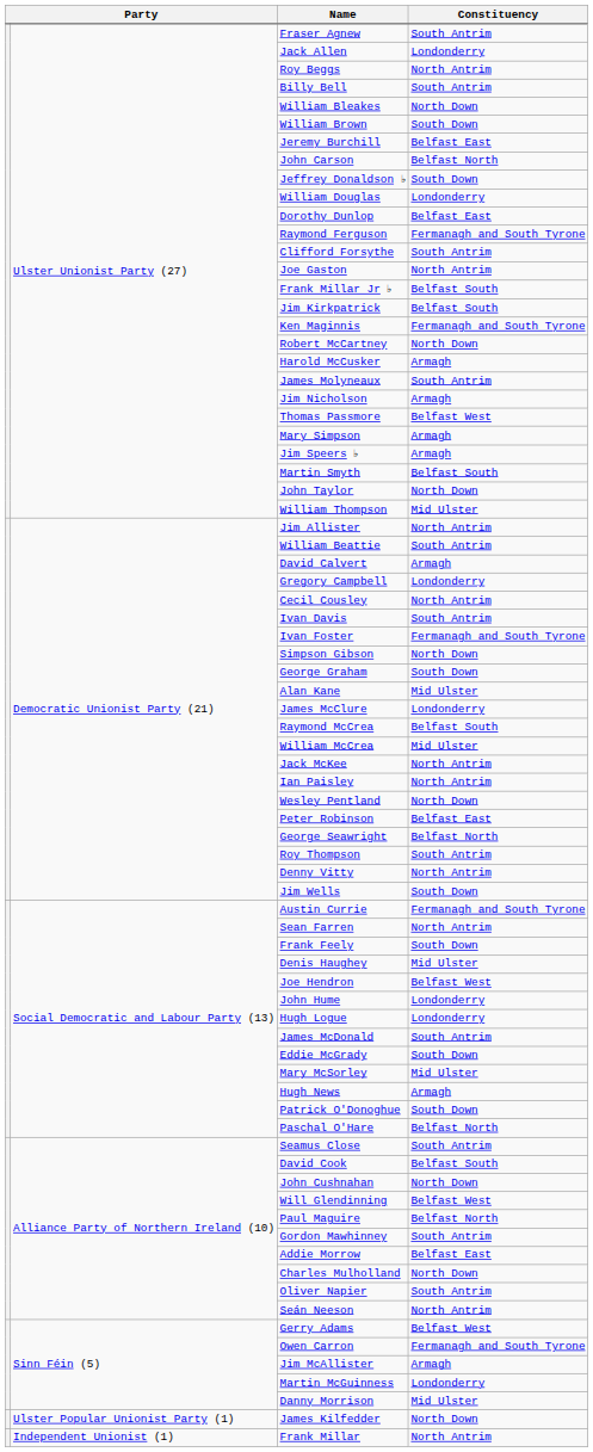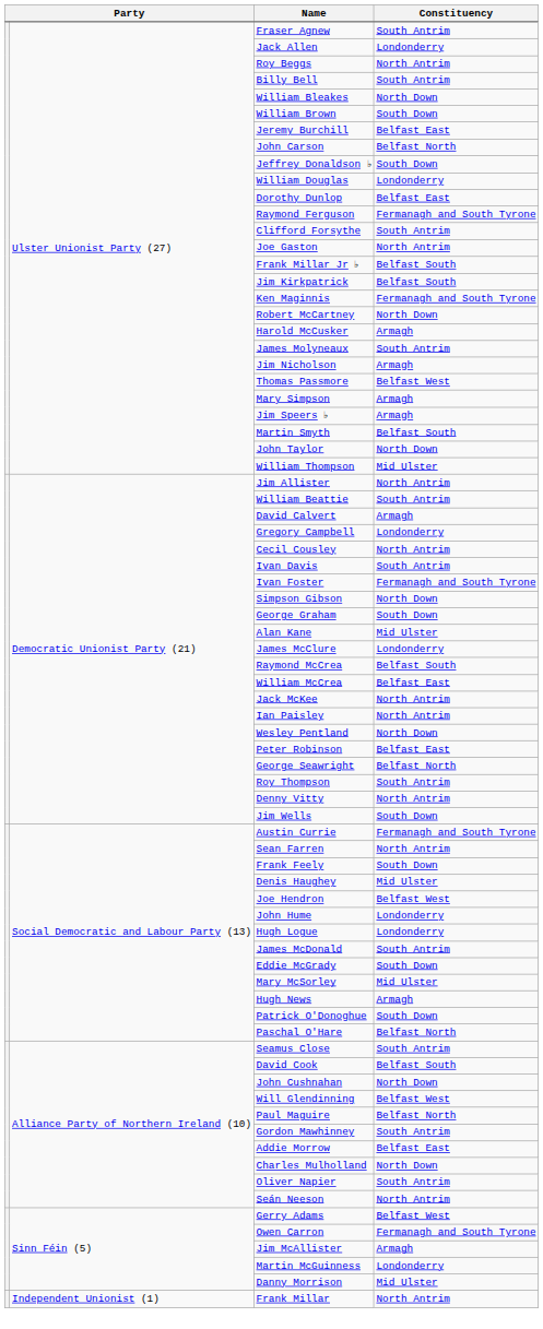 <table class="wikitable">
 <tr style="border-bottom: 2px solid gray;">
 <th colspan=2>Party</th>
 <th>Name</th>
 <th>Constituency</th>
 </tr>
 <tr>
 <th rowspan="27" style="background-color: "></th>
 <td rowspan="27"><a href='#'>Ulster Unionist Party</a> (27)</td>
 <td><a href='#'>Fraser Agnew</a></td>
 <td><a href='#'>South Antrim</a></td>
 </tr>
 <tr>
 <td><a href='#'>Jack Allen</a></td>
 <td><a href='#'>Londonderry</a></td>
 </tr>
 <tr>
 <td><a href='#'>Roy Beggs</a></td>
 <td><a href='#'>North Antrim</a></td>
 </tr>
 <tr>
 <td><a href='#'>Billy Bell</a></td>
 <td><a href='#'>South Antrim</a></td>
 </tr>
 <tr>
 <td><a href='#'>William Bleakes</a></td>
 <td><a href='#'>North Down</a></td>
 </tr>
 <tr>
 <td><a href='#'>William Brown</a></td>
 <td><a href='#'>South Down</a></td>
 </tr>
 <tr>
 <td><a href='#'>Jeremy Burchill</a></td>
 <td><a href='#'>Belfast East</a></td>
 </tr>
 <tr>
 <td><a href='#'>John Carson</a></td>
 <td><a href='#'>Belfast North</a></td>
 </tr>
 <tr>
 <td><a href='#'>Jeffrey Donaldson</a> ♭</td>
 <td><a href='#'>South Down</a></td>
 </tr>
 <tr>
 <td><a href='#'>William Douglas</a></td>
 <td><a href='#'>Londonderry</a></td>
 </tr>
 <tr>
 <td><a href='#'>Dorothy Dunlop</a></td>
 <td><a href='#'>Belfast East</a></td>
 </tr>
 <tr>
 <td><a href='#'>Raymond Ferguson</a></td>
 <td><a href='#'>Fermanagh and South Tyrone</a></td>
 </tr>
 <tr>
 <td><a href='#'>Clifford Forsythe</a></td>
 <td><a href='#'>South Antrim</a></td>
 </tr>
 <tr>
 <td><a href='#'>Joe Gaston</a></td>
 <td><a href='#'>North Antrim</a></td>
 </tr>
 <tr>
 <td><a href='#'>Frank Millar Jr</a> ♭</td>
 <td><a href='#'>Belfast South</a></td>
 </tr>
 <tr>
 <td><a href='#'>Jim Kirkpatrick</a></td>
 <td><a href='#'>Belfast South</a></td>
 </tr>
 <tr>
 <td><a href='#'>Ken Maginnis</a></td>
 <td><a href='#'>Fermanagh and South Tyrone</a></td>
 </tr>
 <tr>
 <td><a href='#'>Robert McCartney</a></td>
 <td><a href='#'>North Down</a></td>
 </tr>
 <tr>
 <td><a href='#'>Harold McCusker</a></td>
 <td><a href='#'>Armagh</a></td>
 </tr>
 <tr>
 <td><a href='#'>James Molyneaux</a></td>
 <td><a href='#'>South Antrim</a></td>
 </tr>
 <tr>
 <td><a href='#'>Jim Nicholson</a></td>
 <td><a href='#'>Armagh</a></td>
 </tr>
 <tr>
 <td><a href='#'>Thomas Passmore</a></td>
 <td><a href='#'>Belfast West</a></td>
 </tr>
 <tr>
 <td><a href='#'>Mary Simpson</a></td>
 <td><a href='#'>Armagh</a></td>
 </tr>
 <tr>
 <td><a href='#'>Jim Speers</a> ♭</td>
 <td><a href='#'>Armagh</a></td>
 </tr>
 <tr>
 <td><a href='#'>Martin Smyth</a></td>
 <td><a href='#'>Belfast South</a></td>
 </tr>
 <tr>
 <td><a href='#'>John Taylor</a></td>
 <td><a href='#'>North Down</a></td>
 </tr>
 <tr>
 <td><a href='#'>William Thompson</a></td>
 <td><a href='#'>Mid Ulster</a></td>
 </tr>
 <tr>
 <th rowspan="21" style="background-color: "></th>
 <td rowspan="21"><a href='#'>Democratic Unionist Party</a> (21)</td>
 <td><a href='#'>Jim Allister</a></td>
 <td><a href='#'>North Antrim</a></td>
 </tr>
 <tr>
 <td><a href='#'>William Beattie</a></td>
 <td><a href='#'>South Antrim</a></td>
 </tr>
 <tr>
 <td><a href='#'>David Calvert</a></td>
 <td><a href='#'>Armagh</a></td>
 </tr>
 <tr>
 <td><a href='#'>Gregory Campbell</a></td>
 <td><a href='#'>Londonderry</a></td>
 </tr>
 <tr>
 <td><a href='#'>Cecil Cousley</a></td>
 <td><a href='#'>North Antrim</a></td>
 </tr>
 <tr>
 <td><a href='#'>Ivan Davis</a></td>
 <td><a href='#'>South Antrim</a></td>
 </tr>
 <tr>
 <td><a href='#'>Ivan Foster</a></td>
 <td><a href='#'>Fermanagh and South Tyrone</a></td>
 </tr>
 <tr>
 <td><a href='#'>Simpson Gibson</a></td>
 <td><a href='#'>North Down</a></td>
 </tr>
 <tr>
 <td><a href='#'>George Graham</a></td>
 <td><a href='#'>South Down</a></td>
 </tr>
 <tr>
 <td><a href='#'>Alan Kane</a></td>
 <td><a href='#'>Mid Ulster</a></td>
 </tr>
 <tr>
 <td><a href='#'>James McClure</a></td>
 <td><a href='#'>Londonderry</a></td>
 </tr>
 <tr>
 <td><a href='#'>Raymond McCrea</a></td>
 <td><a href='#'>Belfast South</a></td>
 </tr>
 <tr>
 <td><a href='#'>William McCrea</a></td>
-<td><a href='#'>Mid Ulster</a></td>
+<td><a href='#'>Belfast East</a></td>
 </tr>
 <tr>
 <td><a href='#'>Jack McKee</a></td>
 <td><a href='#'>North Antrim</a></td>
 </tr>
 <tr>
 <td><a href='#'>Ian Paisley</a></td>
 <td><a href='#'>North Antrim</a></td>
 </tr>
 <tr>
 <td><a href='#'>Wesley Pentland</a></td>
 <td><a href='#'>North Down</a></td>
 </tr>
 <tr>
 <td><a href='#'>Peter Robinson</a></td>
 <td><a href='#'>Belfast East</a></td>
 </tr>
 <tr>
 <td><a href='#'>George Seawright</a></td>
 <td><a href='#'>Belfast North</a></td>
 </tr>
 <tr>
 <td><a href='#'>Roy Thompson</a></td>
 <td><a href='#'>South Antrim</a></td>
 </tr>
 <tr>
 <td><a href='#'>Denny Vitty</a></td>
 <td><a href='#'>North Antrim</a></td>
 </tr>
 <tr>
 <td><a href='#'>Jim Wells</a></td>
 <td><a href='#'>South Down</a></td>
 </tr>
 <tr>
 <th rowspan="13" style="background-color: "></th>
 <td rowspan="13"><a href='#'>Social Democratic and Labour Party</a> (13)</td>
 <td><a href='#'>Austin Currie</a></td>
 <td><a href='#'>Fermanagh and South Tyrone</a></td>
 </tr>
 <tr>
 <td><a href='#'>Sean Farren</a></td>
 <td><a href='#'>North Antrim</a></td>
 </tr>
 <tr>
 <td><a href='#'>Frank Feely</a></td>
 <td><a href='#'>South Down</a></td>
 </tr>
 <tr>
 <td><a href='#'>Denis Haughey</a></td>
 <td><a href='#'>Mid Ulster</a></td>
 </tr>
 <tr>
 <td><a href='#'>Joe Hendron</a></td>
 <td><a href='#'>Belfast West</a></td>
 </tr>
 <tr>
 <td><a href='#'>John Hume</a></td>
 <td><a href='#'>Londonderry</a></td>
 </tr>
 <tr>
 <td><a href='#'>Hugh Logue</a></td>
 <td><a href='#'>Londonderry</a></td>
 </tr>
 <tr>
 <td><a href='#'>James McDonald</a></td>
 <td><a href='#'>South Antrim</a></td>
 </tr>
 <tr>
 <td><a href='#'>Eddie McGrady</a></td>
 <td><a href='#'>South Down</a></td>
 </tr>
 <tr>
 <td><a href='#'>Mary McSorley</a></td>
 <td><a href='#'>Mid Ulster</a></td>
 </tr>
 <tr>
 <td><a href='#'>Hugh News</a></td>
 <td><a href='#'>Armagh</a></td>
 </tr>
 <tr>
 <td><a href='#'>Patrick O'Donoghue</a></td>
 <td><a href='#'>South Down</a></td>
 </tr>
 <tr>
 <td><a href='#'>Paschal O'Hare</a></td>
 <td><a href='#'>Belfast North</a></td>
 </tr>
 <tr>
 <th rowspan="10" style="background-color: "></th>
 <td rowspan="10"><a href='#'>Alliance Party of Northern Ireland</a> (10)</td>
 <td><a href='#'>Seamus Close</a></td>
 <td><a href='#'>South Antrim</a></td>
 </tr>
 <tr>
 <td><a href='#'>David Cook</a></td>
 <td><a href='#'>Belfast South</a></td>
 </tr>
 <tr>
 <td><a href='#'>John Cushnahan</a></td>
 <td><a href='#'>North Down</a></td>
 </tr>
 <tr>
 <td><a href='#'>Will Glendinning</a></td>
 <td><a href='#'>Belfast West</a></td>
 </tr>
 <tr>
 <td><a href='#'>Paul Maguire</a></td>
 <td><a href='#'>Belfast North</a></td>
 </tr>
 <tr>
 <td><a href='#'>Gordon Mawhinney</a></td>
 <td><a href='#'>South Antrim</a></td>
 </tr>
 <tr>
 <td><a href='#'>Addie Morrow</a></td>
 <td><a href='#'>Belfast East</a></td>
 </tr>
 <tr>
 <td><a href='#'>Charles Mulholland</a></td>
 <td><a href='#'>North Down</a></td>
 </tr>
 <tr>
 <td><a href='#'>Oliver Napier</a></td>
 <td><a href='#'>South Antrim</a></td>
 </tr>
 <tr>
 <td><a href='#'>Seán Neeson</a></td>
 <td><a href='#'>North Antrim</a></td>
 </tr>
 <tr>
 <th rowspan="5" style="background-color: "></th>
 <td rowspan="5"><a href='#'>Sinn Féin</a> (5)</td>
 <td><a href='#'>Gerry Adams</a></td>
 <td><a href='#'>Belfast West</a></td>
 </tr>
 <tr>
 <td><a href='#'>Owen Carron</a></td>
 <td><a href='#'>Fermanagh and South Tyrone</a></td>
 </tr>
 <tr>
 <td><a href='#'>Jim McAllister</a></td>
 <td><a href='#'>Armagh</a></td>
 </tr>
 <tr>
 <td><a href='#'>Martin McGuinness</a></td>
 <td><a href='#'>Londonderry</a></td>
 </tr>
 <tr>
 <td><a href='#'>Danny Morrison</a></td>
 <td><a href='#'>Mid Ulster</a></td>
 </tr>
 <tr>
 <th rowspan="1" style="background-color: "></th>
-<td rowspan="1"><a href='#'>Ulster Popular Unionist Party</a> (1)</td>
-<td><a href='#'>James Kilfedder</a></td>
-<td><a href='#'>North Down</a></td>
-</tr>
-<tr>
-<th rowspan="1" style="background-color: "></th>
 <td rowspan="1"><a href='#'>Independent Unionist</a> (1)</td>
 <td><a href='#'>Frank Millar</a></td>
 <td><a href='#'>North Antrim</a></td>
 </tr>
 </table>
